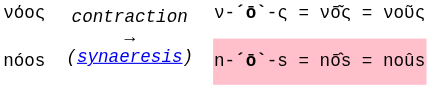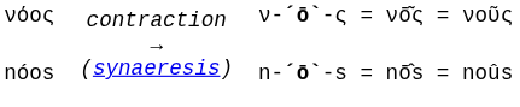 <table align="center" style="font-size: large">
 <tr>
 <td>νόος</td>
 <td rowspan=2 style="padding: 1em; text-align: center"><em>contraction </em><br>→<br><em>(<a href='#'>synaeresis</a>)</em></td>
 <td>ν-<strong>´ō`</strong>-ς = νō͂ς = νοῦς</td>
 </tr>
 <tr>
 <td>nóos</td>
-<td style="background: pink;">n-<strong>´ō`</strong>-s = nō̂s = noûs</td>
+<td>n-<strong>´ō`</strong>-s = nō̂s = noûs</td>
 </tr>
 </table>
